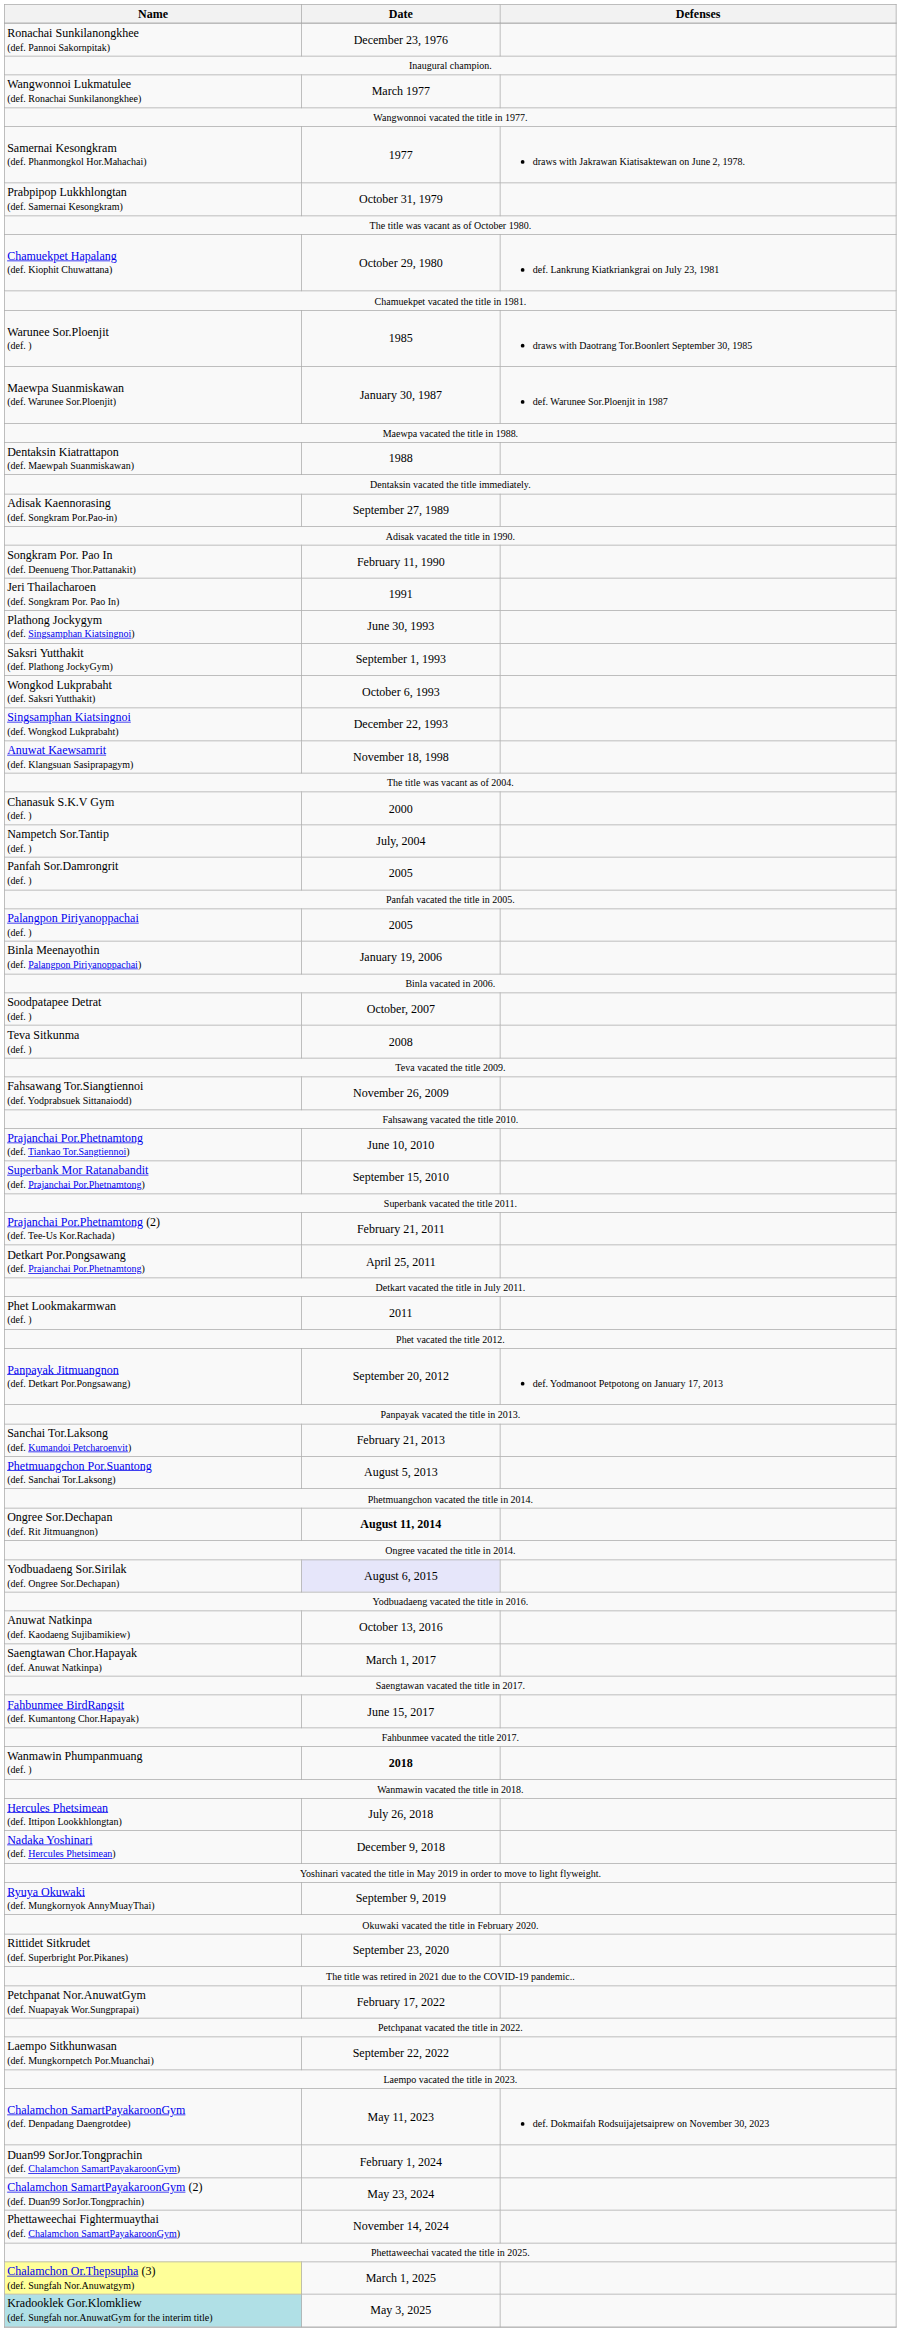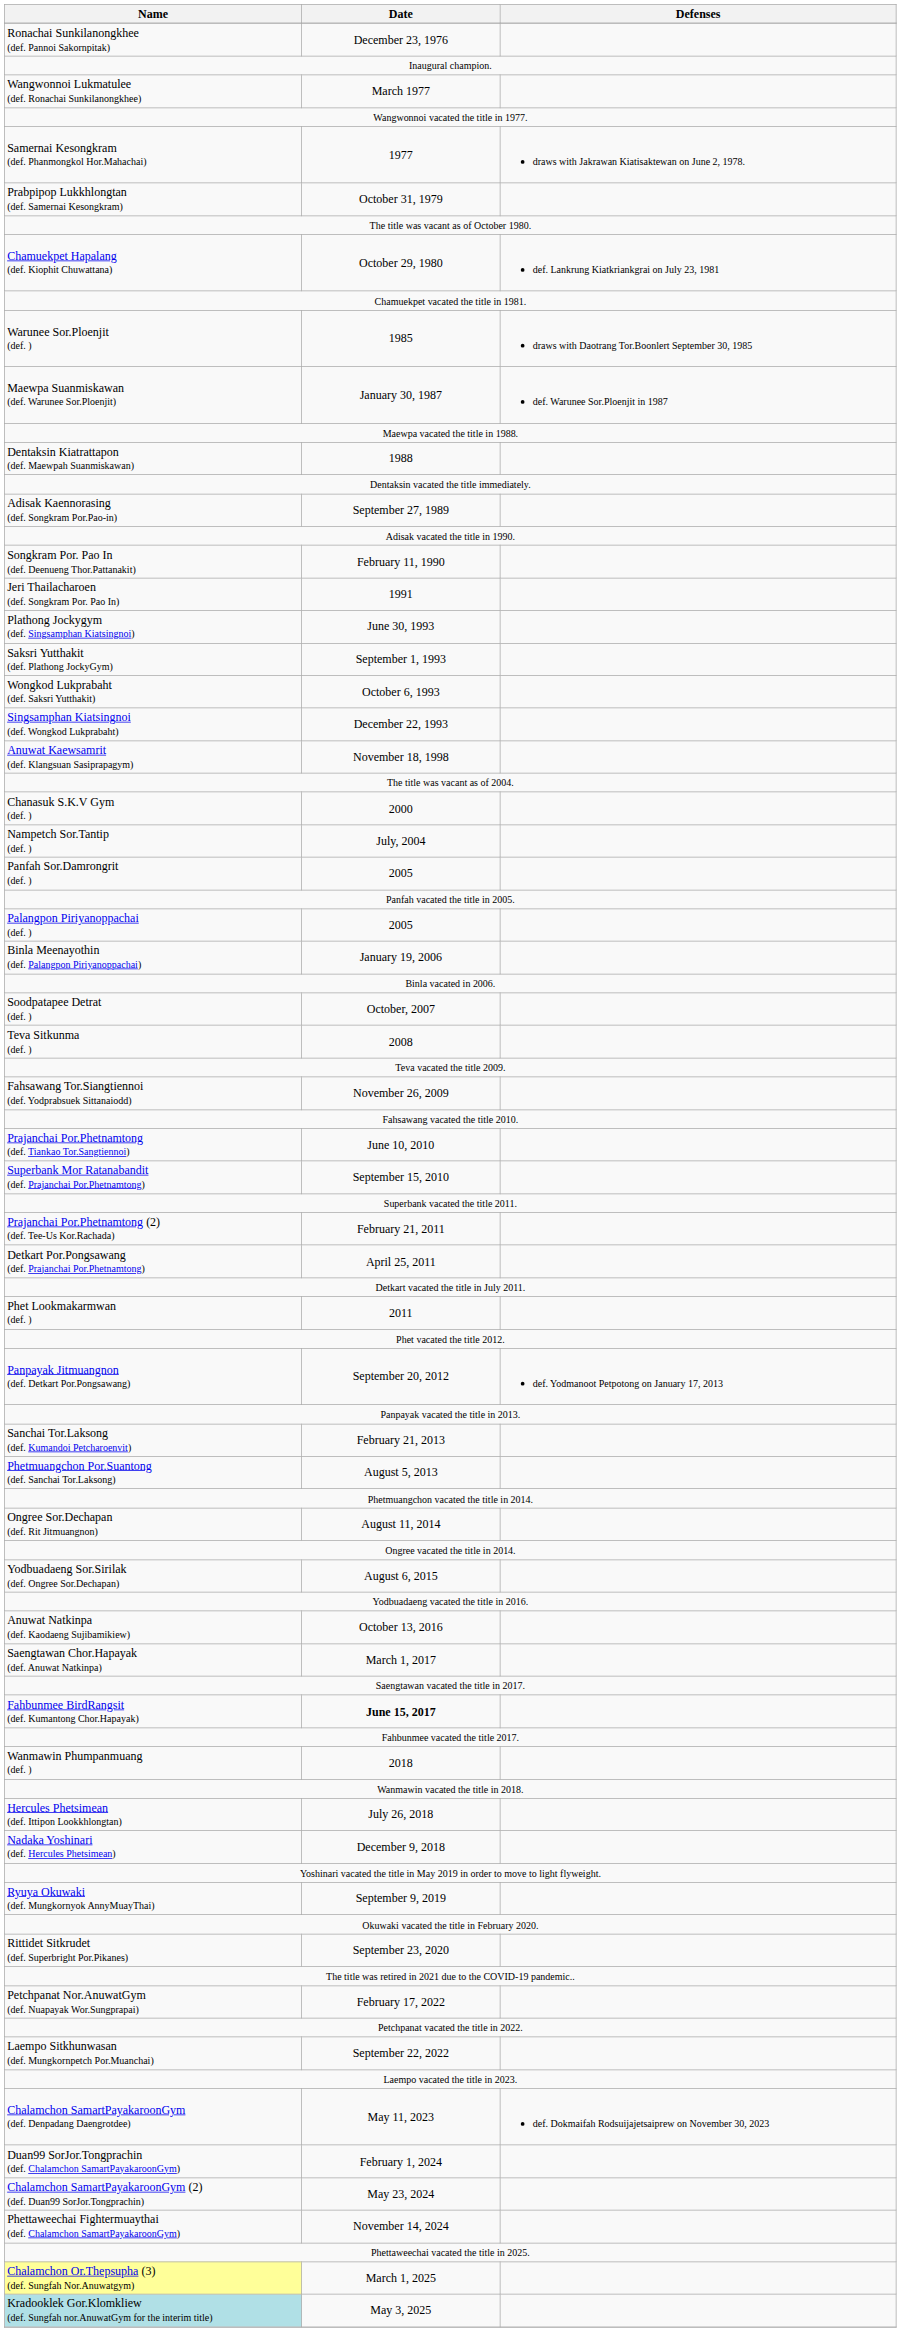 <table class="wikitable" width=60%>
 <tr>
 <th width=30%>Name</th>
 <th width=20%>Date</th>
 <th width=40%>Defenses</th>
 </tr>
 <tr>
 </tr>
 <tr>
 <td align=left> Ronachai Sunkilanongkhee <br><small>(def. Pannoi Sakornpitak)</small></td>
 <td align=center>December 23, 1976</td>
 <td></td>
 </tr>
 <tr>
 <td colspan=4 align=center><small>Inaugural champion.</small></td>
 </tr>
 <tr>
 <td align=left> Wangwonnoi Lukmatulee <br><small>(def. Ronachai Sunkilanongkhee)</small></td>
 <td align=center>March 1977</td>
 <td></td>
 </tr>
 <tr>
 <td colspan=4 align=center><small>Wangwonnoi vacated the title in 1977.</small></td>
 </tr>
 <tr>
 <td align=left> Samernai Kesongkram <br><small>(def. Phanmongkol Hor.Mahachai)</small></td>
 <td align=center>1977</td>
 <td><br><ul><li><small>draws with Jakrawan Kiatisaktewan on June 2, 1978.</small></li></ul></td>
 </tr>
 <tr>
 <td align=left> Prabpipop Lukkhlongtan <br><small>(def. Samernai Kesongkram)</small></td>
 <td align=center>October 31, 1979</td>
 <td></td>
 </tr>
 <tr>
 <td colspan=4 align=center><small>The title was vacant as of October 1980.</small></td>
 </tr>
 <tr>
 <td align=left> <a href='#'>Chamuekpet Hapalang</a> <br><small>(def. Kiophit Chuwattana)</small></td>
 <td align=center>October 29, 1980</td>
 <td><br><ul><li><small>def. Lankrung Kiatkriankgrai on July 23, 1981</small></li></ul></td>
 </tr>
 <tr>
 <td colspan=4 align=center><small>Chamuekpet vacated the title in 1981.</small></td>
 </tr>
 <tr>
 <td align=left> Warunee Sor.Ploenjit <br><small>(def. )</small></td>
 <td align=center>1985</td>
 <td><br><ul><li><small>draws with Daotrang Tor.Boonlert September 30, 1985</small></li></ul></td>
 </tr>
 <tr>
 <td align=left> Maewpa Suanmiskawan <br><small>(def. Warunee Sor.Ploenjit)</small></td>
 <td align=center>January 30, 1987</td>
 <td><br><ul><li><small>def. Warunee Sor.Ploenjit in 1987</small></li></ul></td>
 </tr>
 <tr>
 <td colspan=4 align=center><small>Maewpa vacated the title in 1988.</small></td>
 </tr>
 <tr>
 <td align=left> Dentaksin Kiatrattapon <br><small>(def. Maewpah Suanmiskawan)</small></td>
 <td align=center>1988</td>
 <td></td>
 </tr>
 <tr>
 <td colspan=4 align=center><small>Dentaksin vacated the title immediately.</small></td>
 </tr>
 <tr>
 <td align=left> Adisak Kaennorasing <br><small>(def. Songkram Por.Pao-in)</small></td>
 <td align=center>September 27, 1989</td>
 <td></td>
 </tr>
 <tr>
 <td colspan=4 align=center><small>Adisak vacated the title in 1990.</small></td>
 </tr>
 <tr>
 <td align=left> Songkram Por. Pao In <br><small>(def. Deenueng Thor.Pattanakit)</small></td>
 <td align=center>February 11, 1990</td>
 <td></td>
 </tr>
 <tr>
 <td align=left> Jeri Thailacharoen <br><small>(def. Songkram Por. Pao In)</small></td>
 <td align=center>1991</td>
 <td></td>
 </tr>
 <tr>
 <td align=left> Plathong Jockygym <br><small>(def. <a href='#'>Singsamphan Kiatsingnoi</a>)</small></td>
 <td align=center>June 30, 1993</td>
 <td></td>
 </tr>
 <tr>
 <td align=left> Saksri Yutthakit <br><small>(def. Plathong JockyGym)</small></td>
 <td align=center>September 1, 1993</td>
 <td></td>
 </tr>
 <tr>
 <td align=left> Wongkod Lukprabaht <br><small>(def. Saksri Yutthakit)</small></td>
 <td align=center>October 6, 1993</td>
 <td></td>
 </tr>
 <tr>
 <td align=left> <a href='#'>Singsamphan Kiatsingnoi</a> <br><small>(def. Wongkod Lukprabaht)</small></td>
 <td align=center>December 22, 1993</td>
 <td></td>
 </tr>
 <tr>
 <td align=left> <a href='#'>Anuwat Kaewsamrit</a> <br><small>(def. Klangsuan Sasiprapagym)</small></td>
 <td align=center>November 18, 1998</td>
 <td></td>
 </tr>
 <tr>
 <td colspan=4 align=center><small>The title was vacant as of 2004.</small></td>
 </tr>
 <tr>
 <td align=left> Chanasuk S.K.V Gym <br><small>(def. )</small></td>
 <td align=center>2000</td>
 <td></td>
 </tr>
 <tr>
 <td align=left> Nampetch Sor.Tantip <br><small>(def. )</small></td>
 <td align=center>July, 2004</td>
 <td></td>
 </tr>
 <tr>
 <td align=left> Panfah Sor.Damrongrit <br><small>(def. )</small></td>
 <td align=center>2005</td>
 <td></td>
 </tr>
 <tr>
 <td colspan=4 align=center><small>Panfah vacated the title in 2005.</small></td>
 </tr>
 <tr>
 <td align=left> <a href='#'>Palangpon Piriyanoppachai</a> <br><small>(def. )</small></td>
 <td align=center>2005</td>
 <td></td>
 </tr>
 <tr>
 <td align=left> Binla Meenayothin <br><small>(def. <a href='#'>Palangpon Piriyanoppachai</a>)</small></td>
 <td align=center>January 19, 2006</td>
 <td></td>
 </tr>
 <tr>
 <td colspan=4 align=center><small>Binla vacated in 2006.</small></td>
 </tr>
 <tr>
 <td align=left> Soodpatapee Detrat <br><small>(def. )</small></td>
 <td align=center>October, 2007</td>
 <td></td>
 </tr>
 <tr>
 <td align=left> Teva Sitkunma <br><small>(def. )</small></td>
 <td align=center>2008</td>
 <td></td>
 </tr>
 <tr>
 <td colspan=4 align=center><small>Teva vacated the title 2009.</small></td>
 </tr>
 <tr>
 <td align=left> Fahsawang Tor.Siangtiennoi <br><small>(def. Yodprabsuek Sittanaiodd)</small></td>
 <td align=center>November 26, 2009</td>
 <td></td>
 </tr>
 <tr>
 <td colspan=4 align=center><small>Fahsawang vacated the title 2010.</small></td>
 </tr>
 <tr>
 <td align=left> <a href='#'>Prajanchai Por.Phetnamtong</a> <br><small>(def. <a href='#'>Tiankao Tor.Sangtiennoi</a>)</small></td>
 <td align=center>June 10, 2010</td>
 <td></td>
 </tr>
 <tr>
 <td align=left> <a href='#'>Superbank Mor Ratanabandit</a> <br><small>(def. <a href='#'>Prajanchai Por.Phetnamtong</a>)</small></td>
 <td align=center>September 15, 2010</td>
 <td></td>
 </tr>
 <tr>
 <td colspan=4 align=center><small>Superbank vacated the title 2011.</small></td>
 </tr>
 <tr>
 <td align=left> <a href='#'>Prajanchai Por.Phetnamtong</a> (2) <br><small>(def. Tee-Us Kor.Rachada)</small></td>
 <td align=center>February 21, 2011</td>
 <td></td>
 </tr>
 <tr>
 <td align=left> Detkart Por.Pongsawang <br><small>(def. <a href='#'>Prajanchai Por.Phetnamtong</a>)</small></td>
 <td align=center>April 25, 2011</td>
 <td></td>
 </tr>
 <tr>
 <td colspan=4 align=center><small>Detkart vacated the title in July 2011.</small></td>
 </tr>
 <tr>
 <td align=left> Phet Lookmakarmwan <br><small>(def. )</small></td>
 <td align=center>2011</td>
 <td></td>
 </tr>
 <tr>
 <td colspan=4 align=center><small>Phet vacated the title 2012.</small></td>
 </tr>
 <tr>
 <td align=left> <a href='#'>Panpayak Jitmuangnon</a> <br><small>(def. Detkart Por.Pongsawang)</small></td>
 <td align=center>September 20, 2012</td>
 <td><br><ul><li><small>def. Yodmanoot Petpotong on January 17, 2013</small></li></ul></td>
 </tr>
 <tr>
 <td colspan=4 align=center><small>Panpayak vacated the title in 2013.</small></td>
 </tr>
 <tr>
 <td align=left> Sanchai Tor.Laksong <br><small>(def. <a href='#'>Kumandoi Petcharoenvit</a>)</small></td>
 <td align=center>February 21, 2013</td>
 <td></td>
 </tr>
 <tr>
 <td align=left> <a href='#'>Phetmuangchon Por.Suantong</a> <br><small>(def. Sanchai Tor.Laksong)</small></td>
 <td align=center>August 5, 2013</td>
 <td></td>
 </tr>
 <tr>
 <td colspan=4 align=center><small>Phetmuangchon vacated the title in 2014.</small></td>
 </tr>
 <tr>
 <td align=left> Ongree Sor.Dechapan <br><small>(def. Rit Jitmuangnon)</small></td>
-<td align=center><strong>August 11, 2014</strong></td>
+<td align=center>August 11, 2014</td>
 <td></td>
 </tr>
 <tr>
 <td colspan=4 align=center><small>Ongree vacated the title in 2014.</small></td>
 </tr>
 <tr>
 <td align=left> Yodbuadaeng Sor.Sirilak <br><small>(def. Ongree Sor.Dechapan)</small></td>
-<td align=center style="background: lavender;">August 6, 2015</td>
+<td align=center>August 6, 2015</td>
 <td></td>
 </tr>
 <tr>
 <td colspan=4 align=center><small>Yodbuadaeng vacated the title in 2016.</small></td>
 </tr>
 <tr>
 <td align=left> Anuwat Natkinpa <br><small>(def. Kaodaeng Sujibamikiew)</small></td>
 <td align=center>October 13, 2016</td>
 <td></td>
 </tr>
 <tr>
 <td align=left> Saengtawan Chor.Hapayak <br><small>(def. Anuwat Natkinpa)</small></td>
 <td align=center>March 1, 2017</td>
 <td></td>
 </tr>
 <tr>
 <td colspan=4 align=center><small>Saengtawan vacated the title in 2017.</small></td>
 </tr>
 <tr>
 <td align=left> <a href='#'>Fahbunmee BirdRangsit</a> <br><small>(def. Kumantong Chor.Hapayak)</small></td>
-<td align=center>June 15, 2017</td>
+<td align=center><strong>June 15, 2017</strong></td>
 <td></td>
 </tr>
 <tr>
 <td colspan=4 align=center><small>Fahbunmee vacated the title 2017.</small></td>
 </tr>
 <tr>
 <td align=left> Wanmawin Phumpanmuang <br><small>(def. )</small></td>
-<td align=center><strong>2018</strong></td>
+<td align=center>2018</td>
 <td></td>
 </tr>
 <tr>
 <td colspan=4 align=center><small>Wanmawin vacated the title in 2018.</small></td>
 </tr>
 <tr>
 <td align=left> <a href='#'>Hercules Phetsimean</a> <br><small>(def. Ittipon Lookkhlongtan)</small></td>
 <td align=center>July 26, 2018</td>
 <td></td>
 </tr>
 <tr>
 <td align=left> <a href='#'>Nadaka Yoshinari</a> <br><small>(def. <a href='#'>Hercules Phetsimean</a>)</small></td>
 <td align=center>December 9, 2018</td>
 <td></td>
 </tr>
 <tr>
 <td colspan=4 align=center><small>Yoshinari vacated the title in May 2019 in order to move to light flyweight.</small></td>
 </tr>
 <tr>
 <td align=left> <a href='#'>Ryuya Okuwaki</a> <br><small>(def. Mungkornyok AnnyMuayThai)</small></td>
 <td align=center>September 9, 2019</td>
 <td></td>
 </tr>
 <tr>
 <td colspan=4 align=center><small>Okuwaki vacated the title in February 2020.</small></td>
 </tr>
 <tr>
 <td align=left> Rittidet Sitkrudet <br><small>(def. Superbright Por.Pikanes)</small></td>
 <td align=center>September 23, 2020</td>
 <td></td>
 </tr>
 <tr>
 <td colspan=4 align=center><small>The title was retired in 2021 due to the COVID-19 pandemic..</small></td>
 </tr>
 <tr>
 <td align=left> Petchpanat Nor.AnuwatGym <br><small>(def. Nuapayak Wor.Sungprapai)</small></td>
 <td align=center>February 17, 2022</td>
 <td></td>
 </tr>
 <tr>
 <td colspan=4 align=center><small>Petchpanat vacated the title in 2022.</small></td>
 </tr>
 <tr>
 <td align=left> Laempo Sitkhunwasan <br><small>(def. Mungkornpetch Por.Muanchai)</small></td>
 <td align=center>September 22, 2022</td>
 <td></td>
 </tr>
 <tr>
 <td colspan=4 align=center><small>Laempo vacated the title in 2023.</small></td>
 </tr>
 <tr>
 <td align=left> <a href='#'>Chalamchon SamartPayakaroonGym</a><br><small>(def. Denpadang Daengrotdee)</small></td>
 <td align=center>May 11, 2023</td>
 <td><br><ul><li><small>def. Dokmaifah Rodsuijajetsaiprew on November 30, 2023</small></li></ul></td>
 </tr>
 <tr>
 <td align=left> Duan99 SorJor.Tongprachin<br><small>(def. <a href='#'>Chalamchon SamartPayakaroonGym</a>)</small></td>
 <td align=center>February 1, 2024</td>
 <td></td>
 </tr>
 <tr>
 <td align=left> <a href='#'>Chalamchon SamartPayakaroonGym</a> (2)<br><small>(def. Duan99 SorJor.Tongprachin)</small></td>
 <td align=center>May 23, 2024</td>
 <td></td>
 </tr>
 <tr>
 <td align=left> Phettaweechai Fightermuaythai <br><small>(def. <a href='#'>Chalamchon SamartPayakaroonGym</a>)</small></td>
 <td align=center>November 14, 2024</td>
 <td></td>
 </tr>
 <tr>
 <td colspan=4 align=center><small>Phettaweechai vacated the title in 2025.</small></td>
 </tr>
 <tr>
 <td align=left bgcolor="#FFFF99"> <a href='#'>Chalamchon Or.Thepsupha</a> (3) <br><small>(def. Sungfah Nor.Anuwatgym)</small></td>
 <td align=center>March 1, 2025</td>
 <td></td>
 </tr>
 <tr>
 <td align=left bgcolor="B0E0E6"> Kradooklek Gor.Klomkliew<br><small>(def. Sungfah nor.AnuwatGym for the interim title)</small></td>
 <td align=center>May 3, 2025</td>
 <td></td>
 </tr>
 <tr>
 </tr>
 </table>
